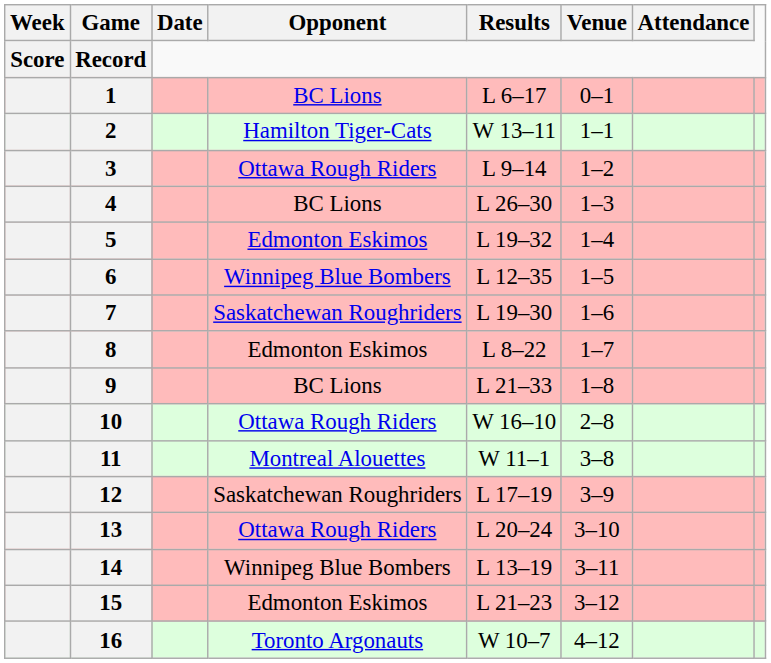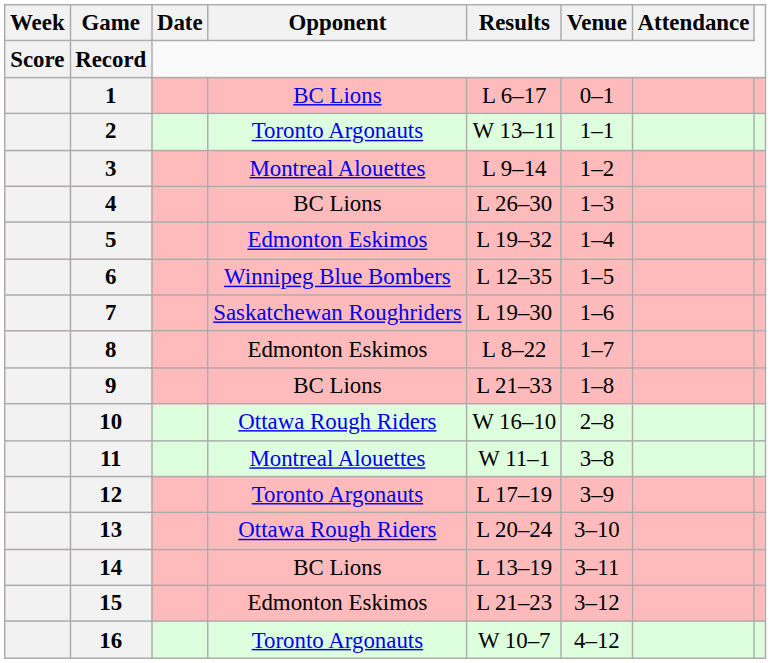 <table class="wikitable" style="text-align:center">
 <tr>
 <th>Week</th>
 <th>Game</th>
 <th>Date</th>
 <th>Opponent</th>
 <th>Results</th>
 <th>Venue</th>
 <th>Attendance</th>
 </tr>
 <tr>
 <th>Score</th>
 <th>Record</th>
 </tr>
 <tr style="background:#ffbbbb">
 <th></th>
 <th>1</th>
 <td></td>
 <td><a href='#'>BC Lions</a></td>
 <td>L 6–17</td>
 <td>0–1</td>
 <td></td>
 <td></td>
 </tr>
 <tr style="background:#ddffdd">
 <th></th>
 <th>2</th>
 <td></td>
-<td><a href='#'>Hamilton Tiger-Cats</a></td>
+<td><a href='#'>Toronto Argonauts</a></td>
 <td>W 13–11</td>
 <td>1–1</td>
 <td></td>
 <td></td>
 </tr>
 <tr style="background:#ffbbbb">
 <th></th>
 <th>3</th>
 <td></td>
-<td><a href='#'>Ottawa Rough Riders</a></td>
+<td><a href='#'>Montreal Alouettes</a></td>
 <td>L 9–14</td>
 <td>1–2</td>
 <td></td>
 <td></td>
 </tr>
 <tr style="background:#ffbbbb">
 <th></th>
 <th>4</th>
 <td></td>
 <td>BC Lions</td>
 <td>L 26–30</td>
 <td>1–3</td>
 <td></td>
 <td></td>
 </tr>
 <tr style="background:#ffbbbb">
 <th></th>
 <th>5</th>
 <td></td>
 <td><a href='#'>Edmonton Eskimos</a></td>
 <td>L 19–32</td>
 <td>1–4</td>
 <td></td>
 <td></td>
 </tr>
 <tr style="background:#ffbbbb">
 <th></th>
 <th>6</th>
 <td></td>
 <td><a href='#'>Winnipeg Blue Bombers</a></td>
 <td>L 12–35</td>
 <td>1–5</td>
 <td></td>
 <td></td>
 </tr>
 <tr style="background:#ffbbbb">
 <th></th>
 <th>7</th>
 <td></td>
 <td><a href='#'>Saskatchewan Roughriders</a></td>
 <td>L 19–30</td>
 <td>1–6</td>
 <td></td>
 <td></td>
 </tr>
 <tr style="background:#ffbbbb">
 <th></th>
 <th>8</th>
 <td></td>
 <td>Edmonton Eskimos</td>
 <td>L 8–22</td>
 <td>1–7</td>
 <td></td>
 <td></td>
 </tr>
 <tr style="background:#ffbbbb">
 <th></th>
 <th>9</th>
 <td></td>
 <td>BC Lions</td>
 <td>L 21–33</td>
 <td>1–8</td>
 <td></td>
 <td></td>
 </tr>
 <tr style="background:#ddffdd">
 <th></th>
 <th>10</th>
 <td></td>
 <td><a href='#'>Ottawa Rough Riders</a></td>
 <td>W 16–10</td>
 <td>2–8</td>
 <td></td>
 <td></td>
 </tr>
 <tr style="background:#ddffdd">
 <th></th>
 <th>11</th>
 <td></td>
 <td><a href='#'>Montreal Alouettes</a></td>
 <td>W 11–1</td>
 <td>3–8</td>
 <td></td>
 <td></td>
 </tr>
 <tr style="background:#ffbbbb">
 <th></th>
 <th>12</th>
 <td></td>
-<td>Saskatchewan Roughriders</td>
+<td><a href='#'>Toronto Argonauts</a></td>
 <td>L 17–19</td>
 <td>3–9</td>
 <td></td>
 <td></td>
 </tr>
 <tr style="background:#ffbbbb">
 <th></th>
 <th>13</th>
 <td></td>
 <td><a href='#'>Ottawa Rough Riders</a></td>
 <td>L 20–24</td>
 <td>3–10</td>
 <td></td>
 <td></td>
 </tr>
 <tr style="background:#ffbbbb">
 <th></th>
 <th>14</th>
 <td></td>
-<td>Winnipeg Blue Bombers</td>
+<td>BC Lions</td>
 <td>L 13–19</td>
 <td>3–11</td>
 <td></td>
 <td></td>
 </tr>
 <tr style="background:#ffbbbb">
 <th></th>
 <th>15</th>
 <td></td>
 <td>Edmonton Eskimos</td>
 <td>L 21–23</td>
 <td>3–12</td>
 <td></td>
 <td></td>
 </tr>
 <tr style="background:#ddffdd">
 <th></th>
 <th>16</th>
 <td></td>
 <td><a href='#'>Toronto Argonauts</a></td>
 <td>W 10–7</td>
 <td>4–12</td>
 <td></td>
 <td></td>
 </tr>
 </table>
